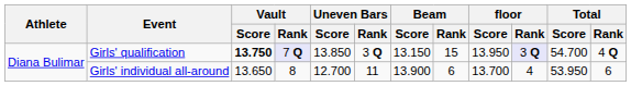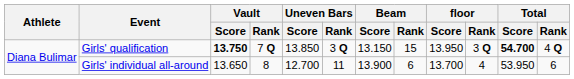 <table class="wikitable" border="1" style="font-size:90%">
 <tr>
 <th rowspan=2>Athlete</th>
 <th rowspan=2>Event</th>
 <th colspan=2>Vault</th>
 <th colspan=2>Uneven Bars</th>
 <th colspan=2>Beam</th>
 <th colspan=2>floor</th>
 <th colspan=2>Total</th>
 </tr>
 <tr>
 <th>Score</th>
 <th>Rank</th>
 <th>Score</th>
 <th>Rank</th>
 <th>Score</th>
 <th>Rank</th>
 <th>Score</th>
 <th>Rank</th>
 <th>Score</th>
 <th>Rank</th>
 </tr>
 <tr>
 <td rowspan=2><a href='#'>Diana Bulimar</a></td>
 <td><a href='#'>Girls' qualification</a></td>
 <td align=center><strong>13.750</strong></td>
-<td align=center style="background: lavender;">7 <strong>Q</strong></td>
+<td align=center>7 <strong>Q</strong></td>
 <td align=center>13.850</td>
 <td align=center>3 <strong>Q</strong></td>
 <td align=center>13.150</td>
 <td align=center>15</td>
 <td align=center>13.950</td>
-<td align=center style="background: lavender;">3 <strong>Q</strong></td>
-<td align=center>54.700</td>
+<td align=center>3 <strong>Q</strong></td>
+<td align=center><strong>54.700</strong></td>
 <td align=center>4 <strong>Q</strong></td>
 </tr>
 <tr>
 <td><a href='#'>Girls' individual all-around</a></td>
 <td align=center>13.650</td>
 <td align=center>8</td>
 <td align=center>12.700</td>
 <td align=center>11</td>
 <td align=center>13.900</td>
 <td align=center>6</td>
 <td align=center>13.700</td>
 <td align=center>4</td>
 <td align=center>53.950</td>
 <td align=center>6</td>
 </tr>
 </table>
